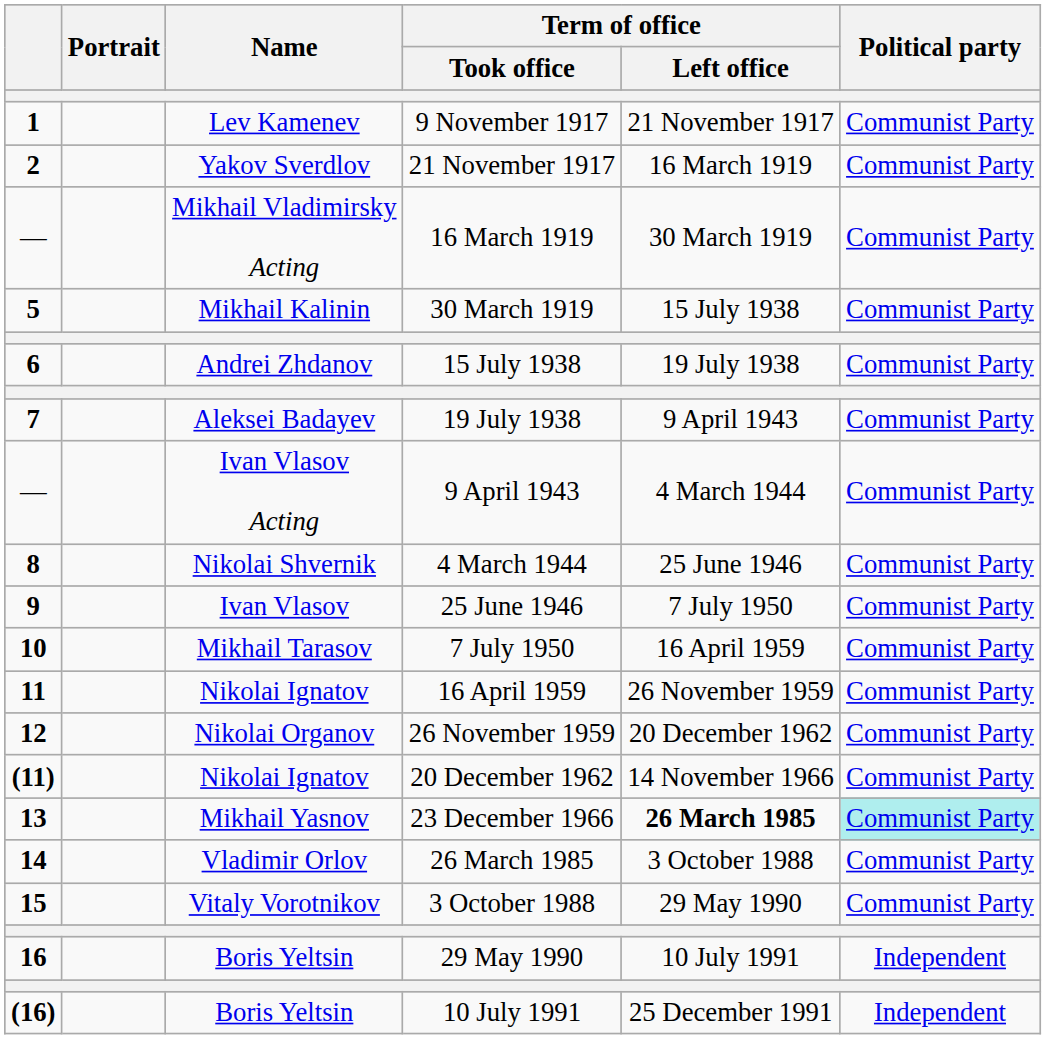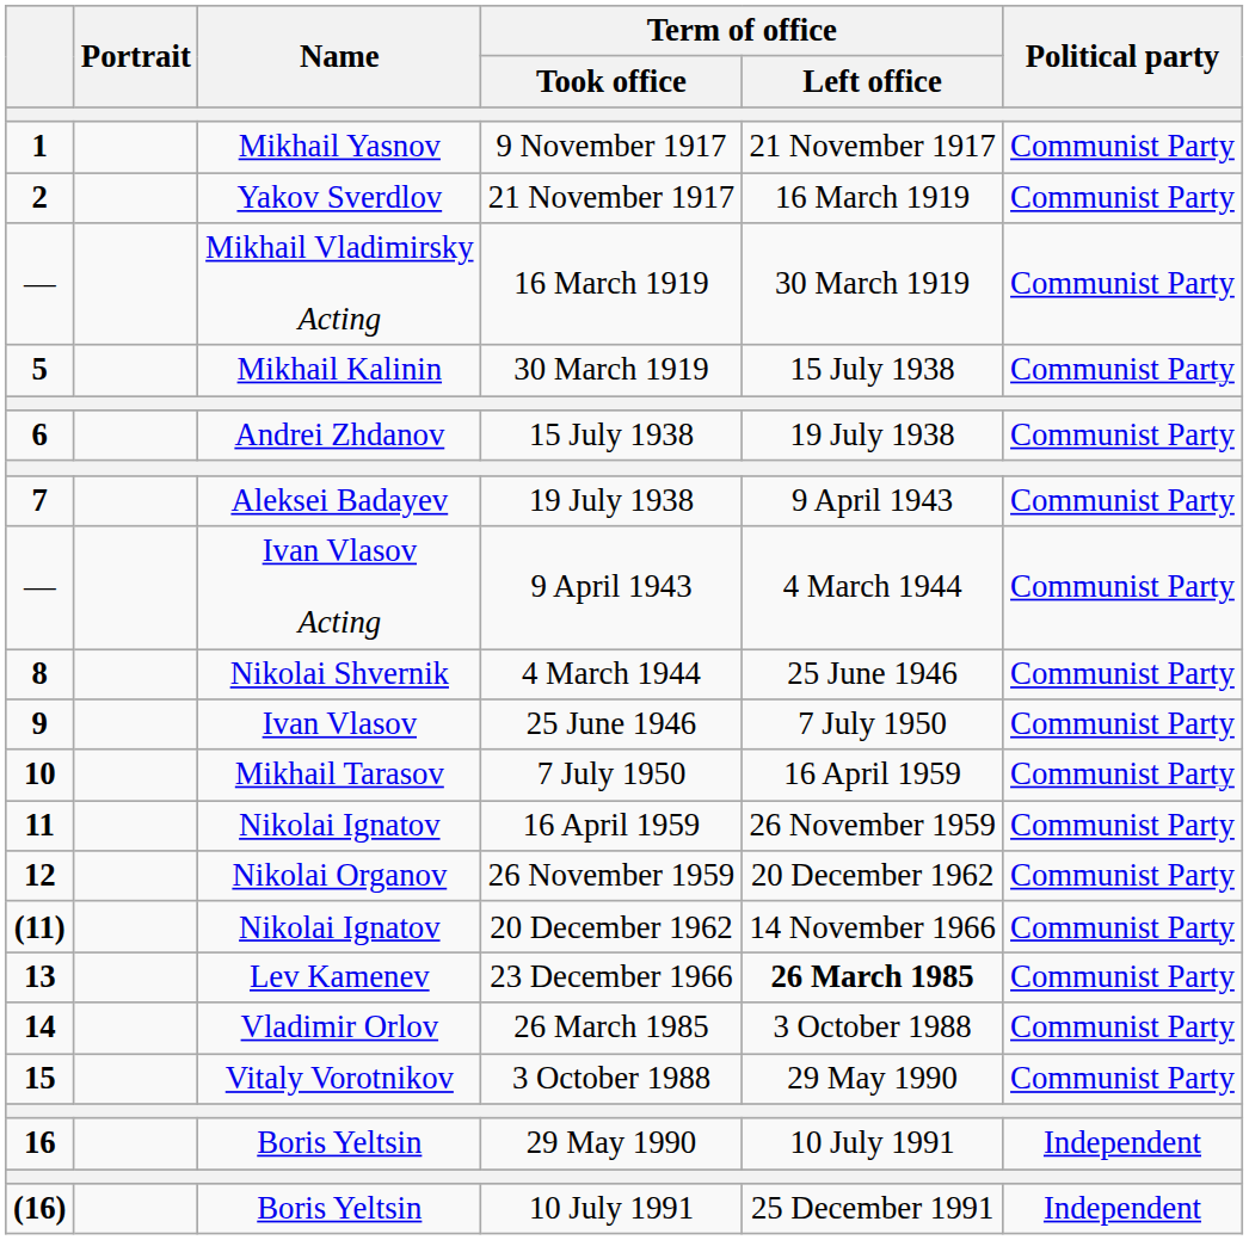 <table class="wikitable" style="text-align:center">
 <tr>
 <th rowspan=2></th>
 <th rowspan=2>Portrait</th>
 <th rowspan=2>Name<br></th>
 <th colspan=2>Term of office</th>
 <th rowspan=2>Political party</th>
 </tr>
 <tr>
 <th>Took office</th>
 <th>Left office</th>
 </tr>
 <tr>
 <th colspan="6"></th>
 </tr>
 <tr>
 <td style="background: "><strong>1</strong></td>
 <td></td>
-<td><a href='#'>Lev Kamenev</a><br></td>
+<td><a href='#'>Mikhail Yasnov</a><br></td>
 <td>9 November 1917</td>
 <td>21 November 1917</td>
 <td><a href='#'>Communist Party</a></td>
 </tr>
 <tr>
 <td style="background: "><strong>2</strong></td>
 <td></td>
 <td><a href='#'>Yakov Sverdlov</a><br></td>
 <td>21 November 1917</td>
 <td>16 March 1919</td>
 <td><a href='#'>Communist Party</a></td>
 </tr>
 <tr>
 <td style="background: ">—</td>
 <td></td>
 <td><a href='#'>Mikhail Vladimirsky</a><br><br><em>Acting</em></td>
 <td>16 March 1919</td>
 <td>30 March 1919</td>
 <td><a href='#'>Communist Party</a></td>
 </tr>
 <tr>
 <td style="background: "><strong>5</strong></td>
 <td></td>
 <td><a href='#'>Mikhail Kalinin</a><br></td>
 <td>30 March 1919</td>
 <td>15 July 1938</td>
 <td><a href='#'>Communist Party</a></td>
 </tr>
 <tr>
 <th colspan="6"></th>
 </tr>
 <tr>
 <td style="background: "><strong>6</strong></td>
 <td></td>
 <td><a href='#'>Andrei Zhdanov</a><br></td>
 <td>15 July 1938</td>
 <td>19 July 1938</td>
 <td><a href='#'>Communist Party</a></td>
 </tr>
 <tr>
 <th colspan="6"></th>
 </tr>
 <tr>
 <td style="background: "><strong>7</strong></td>
 <td></td>
 <td><a href='#'>Aleksei Badayev</a><br></td>
 <td>19 July 1938</td>
 <td>9 April 1943</td>
 <td><a href='#'>Communist Party</a></td>
 </tr>
 <tr>
 <td style="background: ">—</td>
 <td></td>
 <td><a href='#'>Ivan Vlasov</a><br><br><em>Acting</em></td>
 <td>9 April 1943</td>
 <td>4 March 1944</td>
 <td><a href='#'>Communist Party</a></td>
 </tr>
 <tr>
 <td style="background: "><strong>8</strong></td>
 <td></td>
 <td><a href='#'>Nikolai Shvernik</a><br></td>
 <td>4 March 1944</td>
 <td>25 June 1946</td>
 <td><a href='#'>Communist Party</a></td>
 </tr>
 <tr>
 <td style="background: "><strong>9</strong></td>
 <td></td>
 <td><a href='#'>Ivan Vlasov</a><br></td>
 <td>25 June 1946</td>
 <td>7 July 1950</td>
 <td><a href='#'>Communist Party</a></td>
 </tr>
 <tr>
 <td style="background: "><strong>10</strong></td>
 <td></td>
 <td><a href='#'>Mikhail Tarasov</a><br></td>
 <td>7 July 1950</td>
 <td>16 April 1959</td>
 <td><a href='#'>Communist Party</a></td>
 </tr>
 <tr>
 <td style="background: "><strong>11</strong></td>
 <td></td>
 <td><a href='#'>Nikolai Ignatov</a><br></td>
 <td>16 April 1959</td>
 <td>26 November 1959</td>
 <td><a href='#'>Communist Party</a></td>
 </tr>
 <tr>
 <td style="background: "><strong>12</strong></td>
 <td></td>
 <td><a href='#'>Nikolai Organov</a><br></td>
 <td>26 November 1959</td>
 <td>20 December 1962</td>
 <td><a href='#'>Communist Party</a></td>
 </tr>
 <tr>
 <td style="background: "><strong>(11)</strong></td>
 <td></td>
 <td><a href='#'>Nikolai Ignatov</a><br></td>
 <td>20 December 1962</td>
 <td>14 November 1966</td>
 <td><a href='#'>Communist Party</a></td>
 </tr>
 <tr>
 <td style="background: "><strong>13</strong></td>
 <td></td>
-<td><a href='#'>Mikhail Yasnov</a><br></td>
+<td><a href='#'>Lev Kamenev</a><br></td>
 <td>23 December 1966</td>
 <td><strong>26 March 1985</strong></td>
-<td style="background: paleturquoise;"><a href='#'>Communist Party</a></td>
+<td><a href='#'>Communist Party</a></td>
 </tr>
 <tr>
 <td style="background: "><strong>14</strong></td>
 <td></td>
 <td><a href='#'>Vladimir Orlov</a><br></td>
 <td>26 March 1985</td>
 <td>3 October 1988</td>
 <td><a href='#'>Communist Party</a></td>
 </tr>
 <tr>
 <td style="background: "><strong>15</strong></td>
 <td></td>
 <td><a href='#'>Vitaly Vorotnikov</a><br></td>
 <td>3 October 1988</td>
 <td>29 May 1990</td>
 <td><a href='#'>Communist Party</a></td>
 </tr>
 <tr>
 <th colspan="6"></th>
 </tr>
 <tr>
 <td style="background: "><strong>16</strong></td>
 <td></td>
 <td><a href='#'>Boris Yeltsin</a><br></td>
 <td>29 May 1990</td>
 <td>10 July 1991</td>
 <td><a href='#'>Independent</a></td>
 </tr>
 <tr>
 <th colspan="6"></th>
 </tr>
 <tr>
 <td style="background: "><strong>(16)</strong></td>
 <td></td>
 <td><a href='#'>Boris Yeltsin</a><br></td>
 <td>10 July 1991</td>
 <td>25 December 1991</td>
 <td><a href='#'>Independent</a></td>
 </tr>
 </table>
